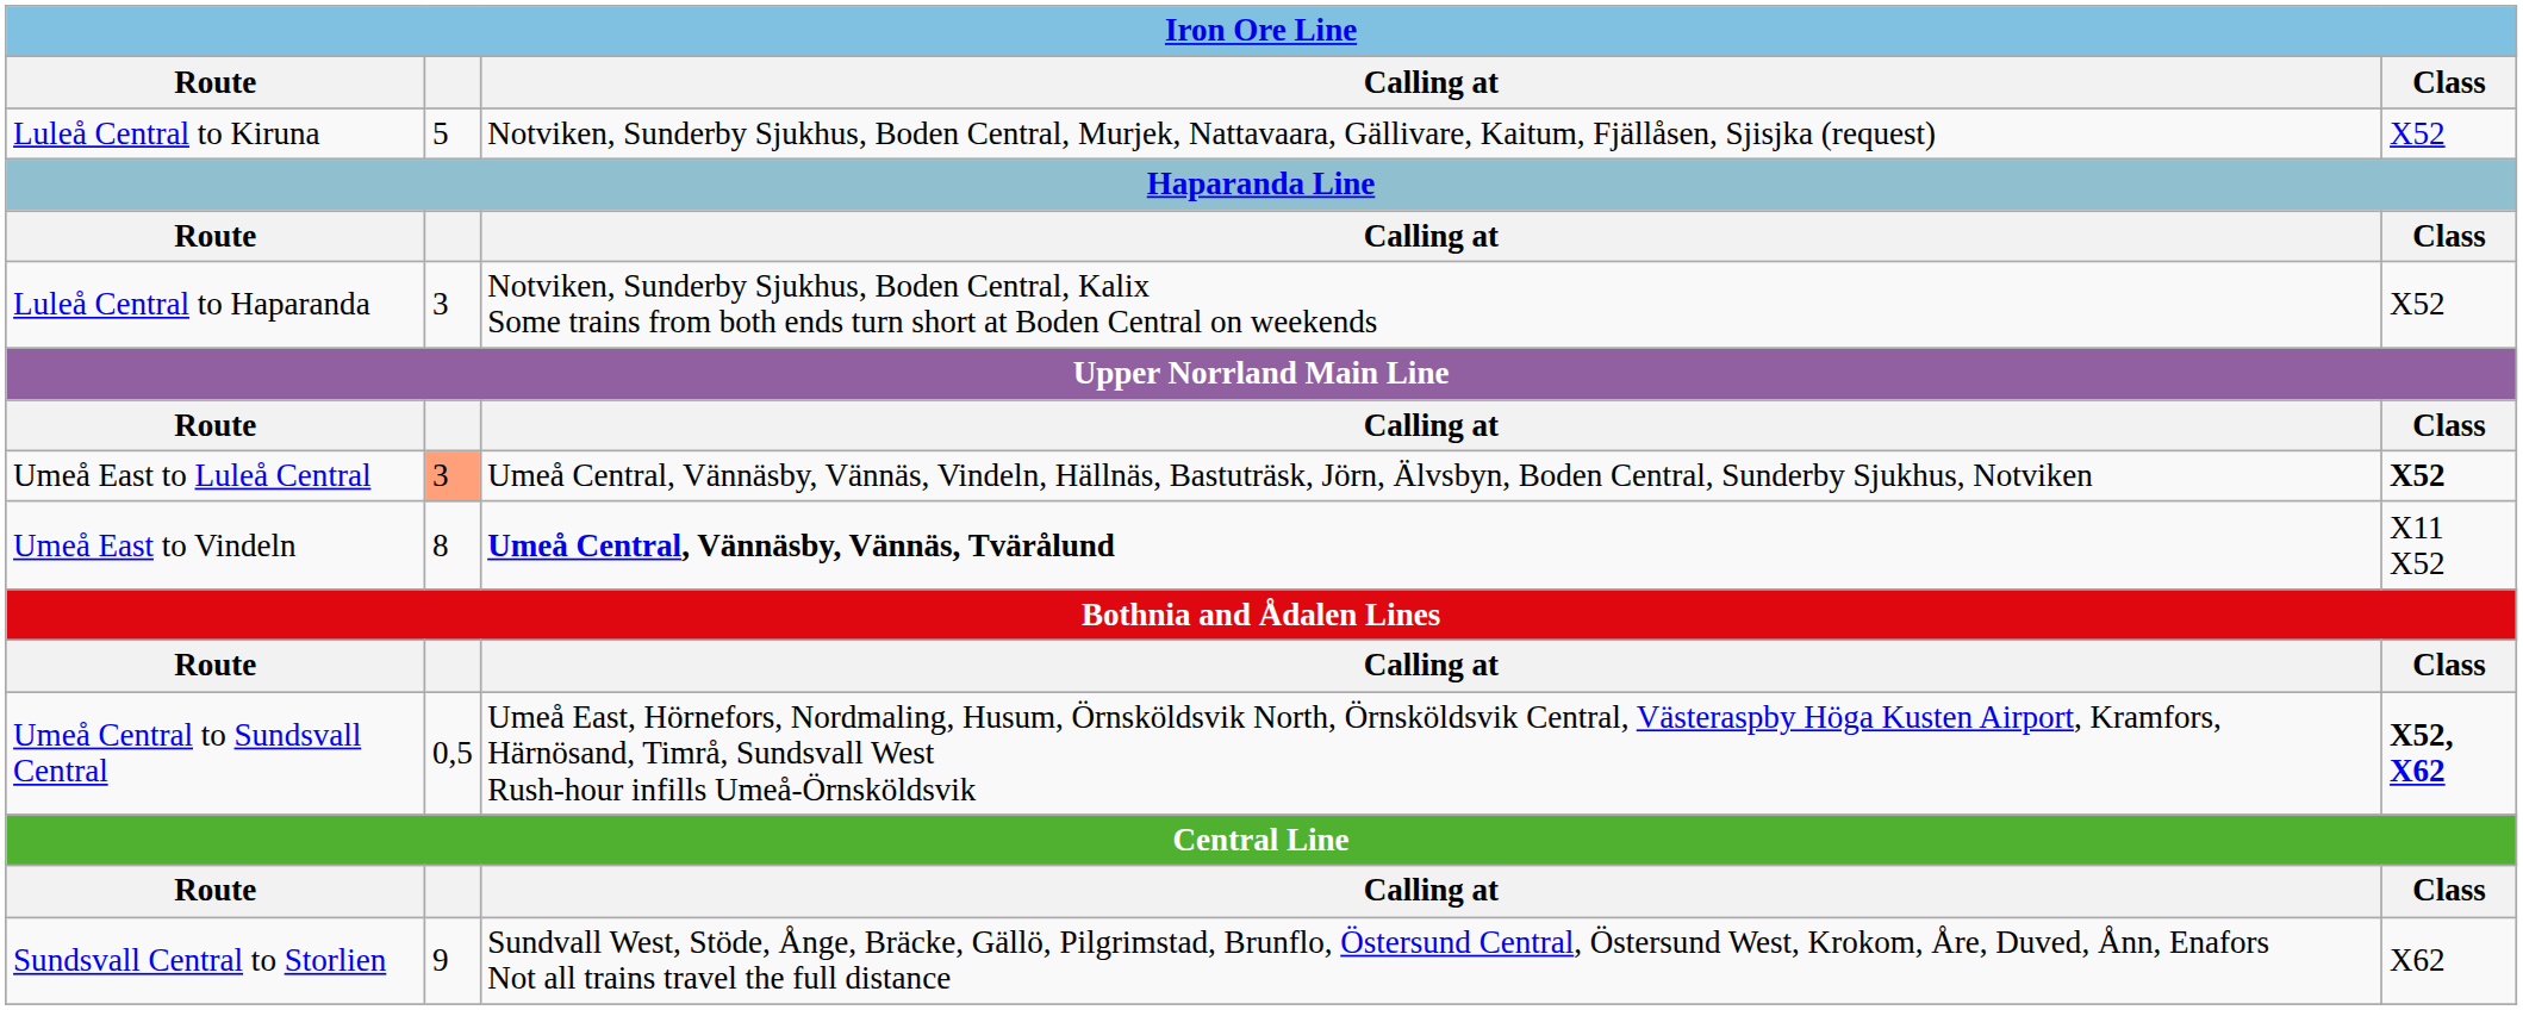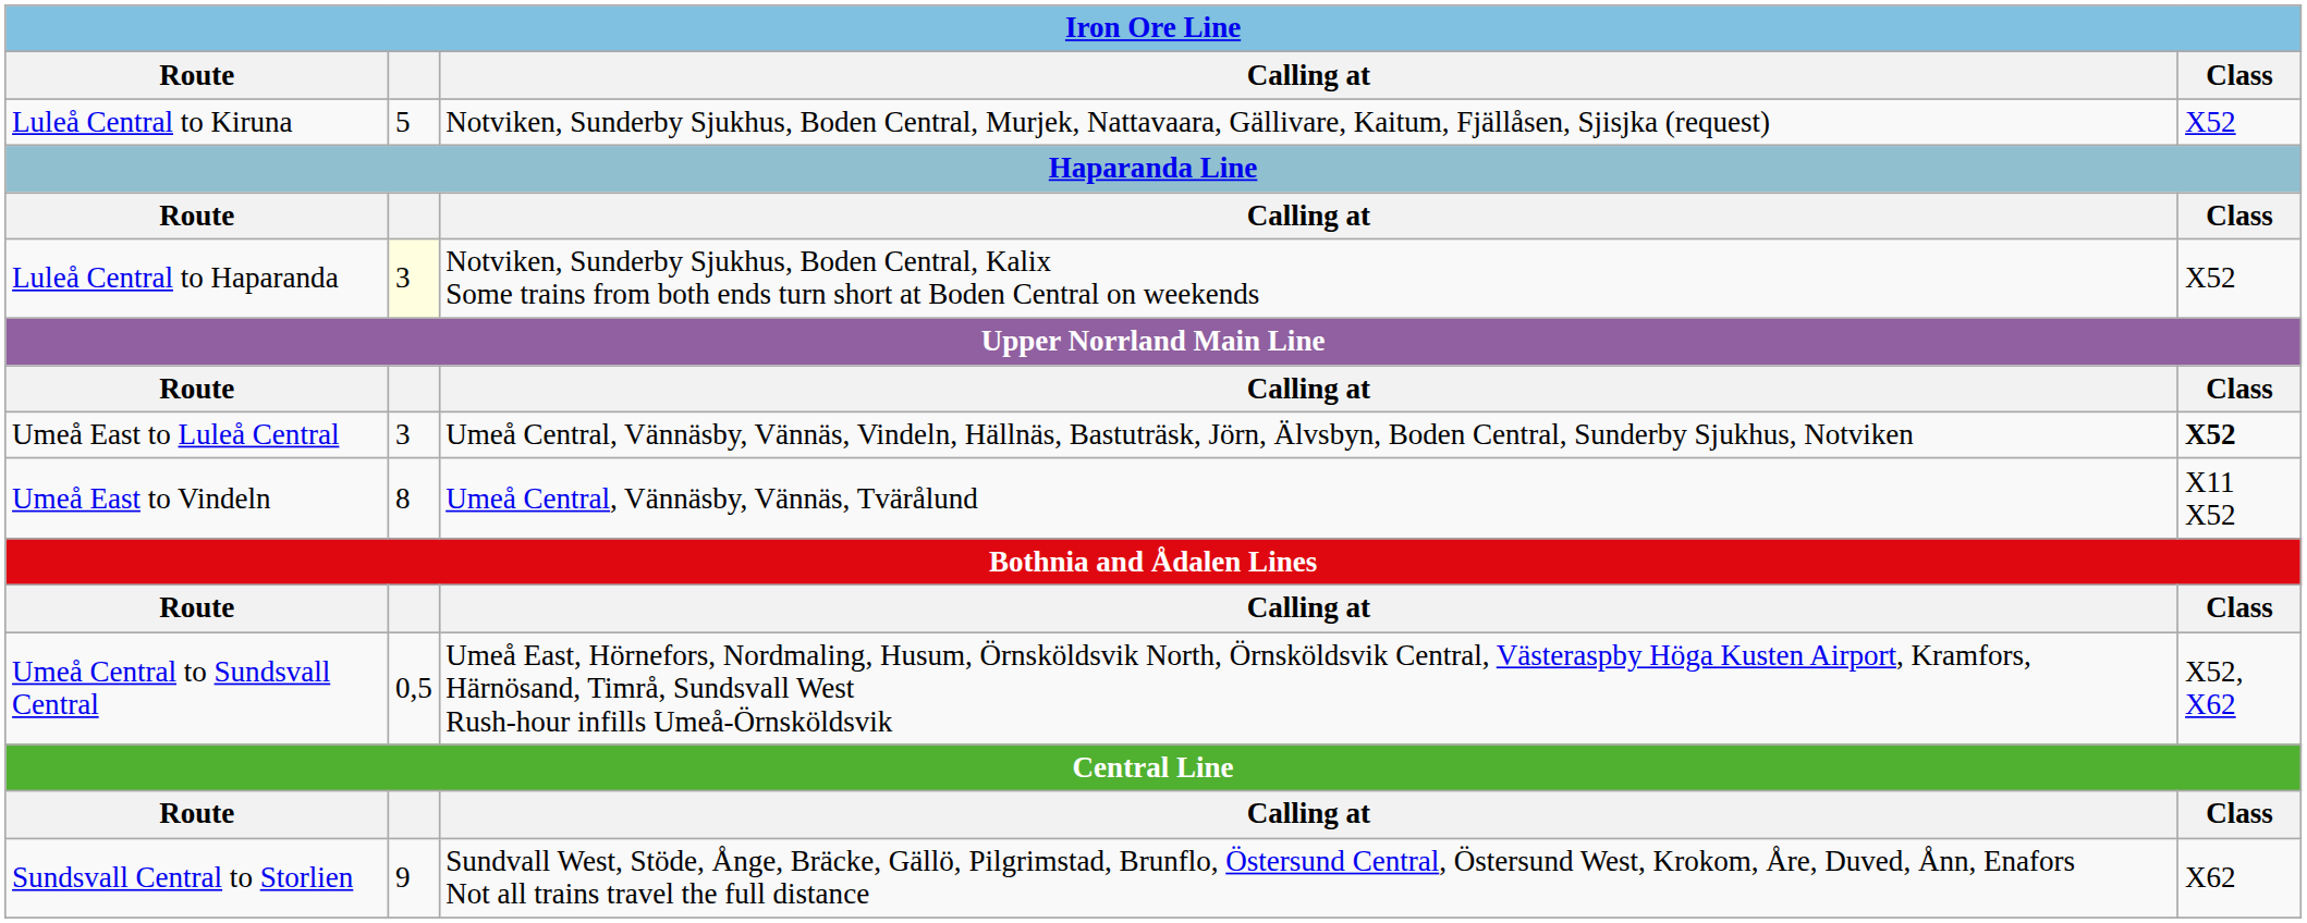 <table class="wikitable">
 <tr>
 <th colspan="4" style="background:#80C0E0; color:White"><a href='#'>Iron Ore Line</a></th>
 </tr>
 <tr>
 <th>Route</th>
 <th></th>
 <th>Calling at</th>
 <th>Class</th>
 </tr>
 <tr>
 <td><a href='#'>Luleå Central</a> to Kiruna</td>
 <td>5</td>
 <td>Notviken, Sunderby Sjukhus, Boden Central, Murjek, Nattavaara, Gällivare, Kaitum, Fjällåsen, Sjisjka (request)</td>
 <td><a href='#'>X52</a></td>
 </tr>
 <tr>
 <th colspan="4" style="background:#90C0D0; color:White"><a href='#'>Haparanda Line</a></th>
 </tr>
 <tr>
 <th>Route</th>
 <th></th>
 <th>Calling at</th>
 <th>Class</th>
 </tr>
 <tr>
 <td><a href='#'>Luleå Central</a> to Haparanda</td>
-<td>3</td>
+<td style="background: lightyellow;">3</td>
 <td>Notviken, Sunderby Sjukhus, Boden Central, Kalix<br>Some trains from both ends turn short at Boden Central on weekends</td>
 <td>X52</td>
 </tr>
 <tr>
 <th colspan="4" style="background:#9060A0; color:White">Upper Norrland Main Line</th>
 </tr>
 <tr>
 <th>Route</th>
 <th></th>
 <th>Calling at</th>
 <th>Class</th>
 </tr>
 <tr>
 <td>Umeå East to <a href='#'>Luleå Central</a></td>
-<td style="background: lightsalmon;">3</td>
+<td>3</td>
 <td>Umeå Central, Vännäsby, Vännäs, Vindeln, Hällnäs, Bastuträsk, Jörn, Älvsbyn, Boden Central, Sunderby Sjukhus, Notviken</td>
 <td><strong>X52</strong></td>
 </tr>
 <tr>
 <td><a href='#'>Umeå East</a> to Vindeln</td>
 <td>8</td>
-<td><strong><a href='#'>Umeå Central</a>, Vännäsby, Vännäs, Tvärålund</strong></td>
+<td><a href='#'>Umeå Central</a>, Vännäsby, Vännäs, Tvärålund</td>
 <td>X11<br>X52</td>
 </tr>
 <tr>
 <th colspan="4" style="background:#E00810; color:White">Bothnia and Ådalen Lines</th>
 </tr>
 <tr>
 <th>Route</th>
 <th></th>
 <th>Calling at</th>
 <th>Class</th>
 </tr>
 <tr>
 <td><a href='#'>Umeå Central</a> to <a href='#'>Sundsvall Central</a></td>
 <td>0,5</td>
 <td>Umeå East, Hörnefors, Nordmaling, Husum, Örnsköldsvik North, Örnsköldsvik Central, <a href='#'>Västeraspby Höga Kusten Airport</a>, Kramfors, Härnösand, Timrå, Sundsvall West <br> Rush-hour infills Umeå-Örnsköldsvik</td>
-<td><strong>X52, <a href='#'>X62</a></strong></td>
+<td>X52, <a href='#'>X62</a></td>
 </tr>
 <tr>
 <th colspan="4" style="background:#50B030; color:White">Central Line</th>
 </tr>
 <tr>
 <th>Route</th>
 <th></th>
 <th>Calling at</th>
 <th>Class</th>
 </tr>
 <tr>
 <td><a href='#'>Sundsvall Central</a> to <a href='#'>Storlien</a></td>
 <td>9</td>
 <td>Sundvall West, Stöde, Ånge, Bräcke, Gällö, Pilgrimstad, Brunflo, <a href='#'>Östersund Central</a>, Östersund West, Krokom, Åre, Duved, Ånn, Enafors<br>Not all trains travel the full distance</td>
 <td>X62</td>
 </tr>
 </table>
